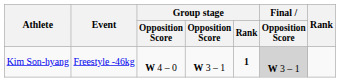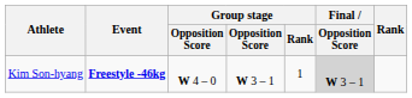 <table class="wikitable" style="font-size:90%">
 <tr>
 <th rowspan=2>Athlete</th>
 <th rowspan=2>Event</th>
 <th colspan=3>Group stage</th>
 <th>Final / </th>
 <th rowspan=2>Rank</th>
 </tr>
 <tr style="font-size:95%">
 <th>Opposition<br>Score</th>
 <th>Opposition<br>Score</th>
 <th>Rank</th>
 <th>Opposition<br>Score</th>
 </tr>
 <tr align=center>
 <td align=left><a href='#'>Kim Son-hyang</a></td>
-<td align=left><a href='#'>Freestyle -46kg</a></td>
+<td align=left><strong><a href='#'>Freestyle -46kg</a></strong></td>
 <td><br><strong>W</strong> 4 – 0</td>
 <td><br><strong>W</strong> 3 – 1</td>
-<td><strong>1 </strong></td>
+<td>1 </td>
 <td style="background: lightgrey;"><br><strong>W</strong> 3 – 1 <sup></sup></td>
 <td></td>
 </tr>
 </table>
